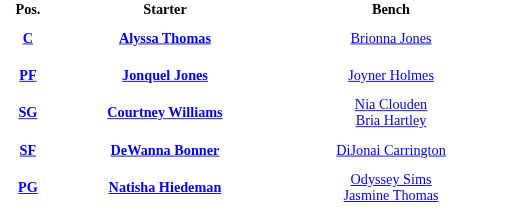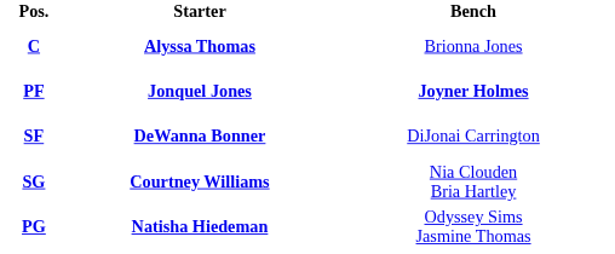 <table style="text-align:center; ">
 <tr>
 <th width="50">Pos.</th>
 <th width="250">Starter</th>
 <th width="250">Bench</th>
 </tr>
 <tr style="height:40px; background:white; color:#092C57">
 <th><a href='#'><span>C</span></a></th>
 <td><strong><a href='#'>Alyssa Thomas</a></strong></td>
 <td><a href='#'>Brionna Jones</a></td>
 </tr>
 <tr style="height:40px; background:white; color:#092C57">
 <th><a href='#'><span>PF</span></a></th>
 <td><strong><a href='#'>Jonquel Jones</a></strong></td>
-<td><a href='#'>Joyner Holmes</a></td>
+<td><strong><a href='#'>Joyner Holmes</a></strong></td>
+</tr>
+<tr style="height:40px; background:white; color:#092C57">
+<th><a href='#'><span>SF</span></a></th>
+<td><strong><a href='#'>DeWanna Bonner</a></strong></td>
+<td><a href='#'>DiJonai Carrington</a></td>
 </tr>
 <tr style="height:40px; background:white; color:#092C57">
 <th><a href='#'><span>SG</span></a></th>
 <td><strong><a href='#'>Courtney Williams</a></strong></td>
 <td><a href='#'>Nia Clouden</a><br><a href='#'>Bria Hartley</a></td>
 </tr>
 <tr style="height:40px; background:white; color:#092C57">
-<th><a href='#'><span>SF</span></a></th>
-<td><strong><a href='#'>DeWanna Bonner</a></strong></td>
-<td><a href='#'>DiJonai Carrington</a></td>
-</tr>
-<tr style="height:40px; background:white; color:#092C57">
 <th><a href='#'><span>PG</span></a></th>
 <td><strong><a href='#'>Natisha Hiedeman</a></strong></td>
 <td><a href='#'>Odyssey Sims</a><br><a href='#'>Jasmine Thomas</a></td>
 </tr>
 </table>
